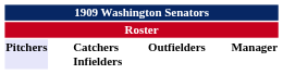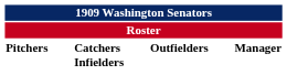 <table class="toccolours" style="font-size: 95%;">
 <tr>
 <th colspan="10" style="background:#072764; color:#fff; text-align:center;">1909 Washington Senators</th>
 </tr>
 <tr>
 <td colspan="10" style="background:#c6011f; color:white; text-align:center;"><strong>Roster</strong></td>
 </tr>
 <tr>
-<td valign="top" style="background: lavender;"><strong>Pitchers</strong><br>              </td>
+<td valign="top"><strong>Pitchers</strong><br>              </td>
 <td style="width:25px;"></td>
 <td valign="top"><strong>Catchers</strong><br>    <strong>Infielders</strong>            </td>
 <td style="width:25px;"></td>
 <td valign="top"><strong>Outfielders</strong><br>            </td>
 <td style="width:25px;"></td>
 <td valign="top"><strong>Manager</strong><br></td>
 </tr>
 </table>
